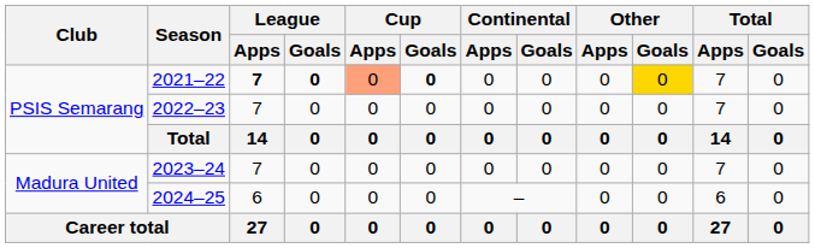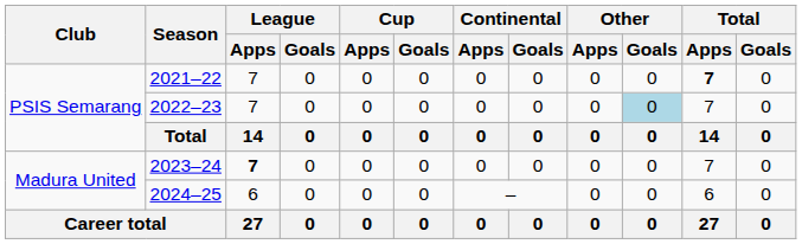 <table class="wikitable" style="text-align: center">
 <tr>
 <th rowspan="2">Club</th>
 <th rowspan="2">Season</th>
 <th colspan="2">League</th>
 <th colspan="2">Cup</th>
 <th colspan="2">Continental</th>
 <th colspan="2">Other</th>
 <th colspan="2">Total</th>
 </tr>
 <tr>
 <th>Apps</th>
 <th>Goals</th>
 <th>Apps</th>
 <th>Goals</th>
 <th>Apps</th>
 <th>Goals</th>
 <th>Apps</th>
 <th>Goals</th>
 <th>Apps</th>
 <th>Goals</th>
 </tr>
 <tr>
 <td rowspan="3"><a href='#'>PSIS Semarang</a></td>
 <td><a href='#'>2021–22</a></td>
-<td><strong>7</strong></td>
-<td><strong>0</strong></td>
-<td style="background: lightsalmon;">0</td>
-<td><strong>0</strong></td>
+<td>7</td>
 <td>0</td>
 <td>0</td>
 <td>0</td>
-<td style="background: gold;">0</td>
-<td>7</td>
+<td>0</td>
+<td>0</td>
+<td>0</td>
+<td>0</td>
+<td><strong>7</strong></td>
 <td>0</td>
 </tr>
 <tr>
 <td><a href='#'>2022–23</a></td>
 <td>7</td>
 <td>0</td>
 <td>0</td>
 <td>0</td>
 <td>0</td>
 <td>0</td>
 <td>0</td>
-<td>0</td>
+<td style="background: lightblue;">0</td>
 <td>7</td>
 <td>0</td>
 </tr>
 <tr>
 <th colspan= 1>Total</th>
 <th>14</th>
 <th>0</th>
 <th>0</th>
 <th>0</th>
 <th>0</th>
 <th>0</th>
 <th>0</th>
 <th>0</th>
 <th>14</th>
 <th>0</th>
 </tr>
 <tr>
 <td rowspan="2"><a href='#'>Madura United</a></td>
 <td><a href='#'>2023–24</a></td>
-<td>7</td>
+<td><strong>7</strong></td>
 <td>0</td>
 <td>0</td>
 <td>0</td>
 <td>0</td>
 <td>0</td>
 <td>0</td>
 <td>0</td>
 <td>7</td>
 <td>0</td>
 </tr>
 <tr>
 <td><a href='#'>2024–25</a></td>
 <td>6</td>
 <td>0</td>
 <td>0</td>
 <td>0</td>
 <td colspan="2">–</td>
 <td>0</td>
 <td>0</td>
 <td>6</td>
 <td>0</td>
 </tr>
 <tr>
 <th colspan= 2>Career total</th>
 <th>27</th>
 <th>0</th>
 <th>0</th>
 <th>0</th>
 <th>0</th>
 <th>0</th>
 <th>0</th>
 <th>0</th>
 <th>27</th>
 <th>0</th>
 </tr>
 </table>
